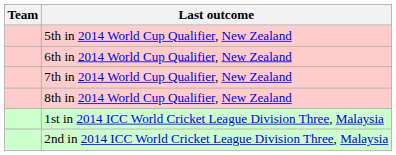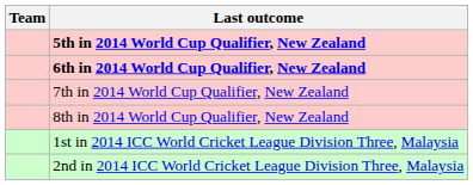 <table class="wikitable">
 <tr>
 <th>Team</th>
 <th>Last outcome</th>
 </tr>
 <tr style="background-color:#fcc">
 <td></td>
-<td>5th in <a href='#'>2014 World Cup Qualifier</a>, <a href='#'>New Zealand</a></td>
+<td><strong>5th in <a href='#'>2014 World Cup Qualifier</a>, <a href='#'>New Zealand</a></strong></td>
 </tr>
 <tr style="background-color:#fcc">
 <td></td>
-<td>6th in <a href='#'>2014 World Cup Qualifier</a>, <a href='#'>New Zealand</a></td>
+<td><strong>6th in <a href='#'>2014 World Cup Qualifier</a>, <a href='#'>New Zealand</a></strong></td>
 </tr>
 <tr style="background-color:#fcc">
 <td></td>
 <td>7th in <a href='#'>2014 World Cup Qualifier</a>, <a href='#'>New Zealand</a></td>
 </tr>
 <tr style="background-color:#fcc">
 <td></td>
 <td>8th in <a href='#'>2014 World Cup Qualifier</a>, <a href='#'>New Zealand</a></td>
 </tr>
 <tr style="background-color:#cfc">
 <td></td>
 <td>1st in <a href='#'>2014 ICC World Cricket League Division Three</a>, <a href='#'>Malaysia</a></td>
 </tr>
 <tr style="background-color:#cfc">
 <td></td>
 <td>2nd in <a href='#'>2014 ICC World Cricket League Division Three</a>, <a href='#'>Malaysia</a></td>
 </tr>
 </table>
